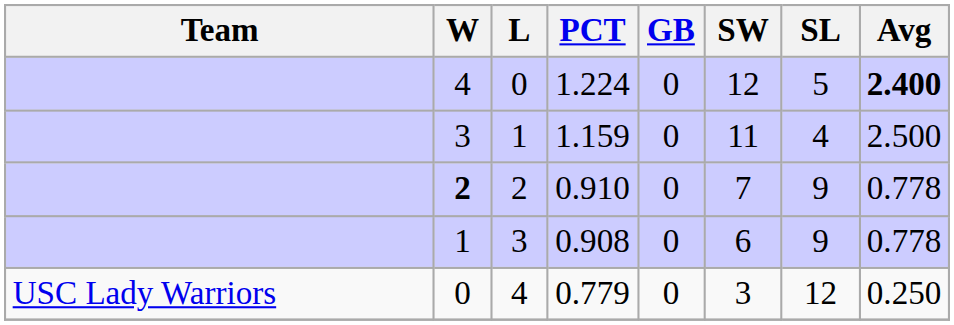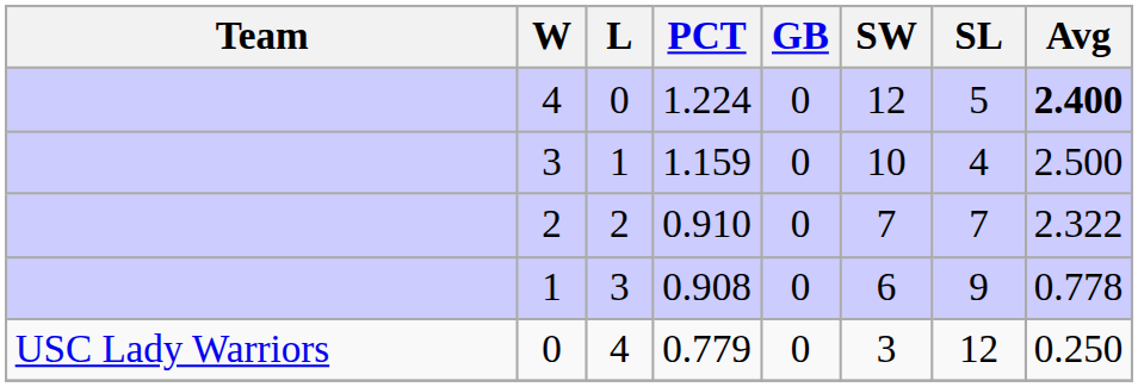 <table class=wikitable style="text-align:center;">
 <tr>
 <th width=200px>Team</th>
 <th width=20px>W</th>
 <th width=20px>L</th>
 <th width=35px><a href='#'>PCT</a></th>
 <th width=25px><a href='#'>GB</a></th>
 <th width=30px>SW</th>
 <th width=30px>SL</th>
 <th width=35px>Avg</th>
 </tr>
 <tr style="background:#CCCCFF;">
 <td align=left></td>
 <td>4</td>
 <td>0</td>
 <td>1.224</td>
 <td>0</td>
 <td>12</td>
 <td>5</td>
 <td><strong>2.400</strong></td>
 </tr>
 <tr style="background:#CCCCFF;">
 <td align=left></td>
 <td>3</td>
 <td>1</td>
 <td>1.159</td>
 <td>0</td>
-<td>11</td>
+<td>10</td>
 <td>4</td>
 <td>2.500</td>
 </tr>
 <tr style="background:#CCCCFF;">
 <td align=left></td>
-<td><strong>2</strong></td>
+<td>2</td>
 <td>2</td>
 <td>0.910</td>
 <td>0</td>
 <td>7</td>
-<td>9</td>
-<td>0.778</td>
+<td>7</td>
+<td>2.322</td>
 </tr>
 <tr style="background:#CCCCFF;">
 <td align=left></td>
 <td>1</td>
 <td>3</td>
 <td>0.908</td>
 <td>0</td>
 <td>6</td>
 <td>9</td>
 <td>0.778</td>
 </tr>
 <tr>
 <td align=left> <a href='#'>USC Lady Warriors</a></td>
 <td>0</td>
 <td>4</td>
 <td>0.779</td>
 <td>0</td>
 <td>3</td>
 <td>12</td>
 <td>0.250</td>
 </tr>
 <tr>
 </tr>
 </table>
